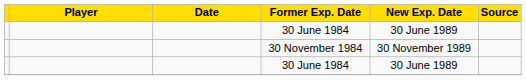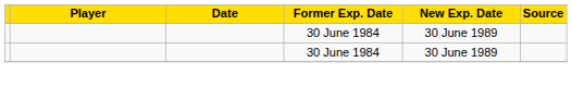 <table class="wikitable sortable">
 <tr>
 <th style="background:#FFDE00"></th>
 <th width=200 style="background:#FFDE00">Player</th>
 <th width=150 style="background:#FFDE00">Date</th>
 <th width=150 style="background:#FFDE00">Former Exp. Date</th>
 <th width=150 style="background:#FFDE00">New Exp. Date</th>
 <th style="background:#FFDE00">Source</th>
 </tr>
 <tr>
 <td align=center></td>
 <td></td>
 <td align=center></td>
 <td align=center>30 June 1984</td>
 <td align=center>30 June 1989</td>
 <td align=center></td>
 </tr>
 <tr>
 <td align=center></td>
 <td></td>
 <td align=center></td>
-<td align=center>30 November 1984</td>
-<td align=center>30 November 1989</td>
-<td align=center></td>
-</tr>
-<tr>
-<td align=center></td>
-<td></td>
-<td align=center></td>
 <td align=center>30 June 1984</td>
 <td align=center>30 June 1989</td>
 <td align=center></td>
 </tr>
 <tr>
 </tr>
 </table>
